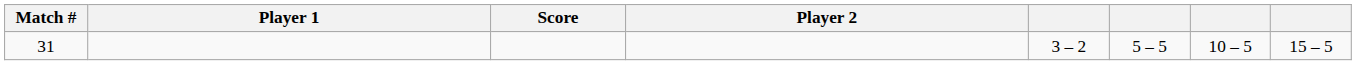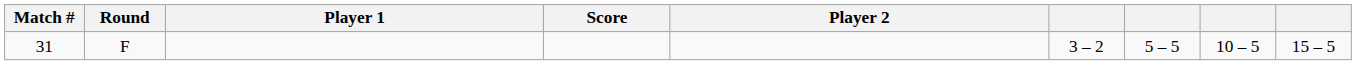 <table class="wikitable">
 <tr>
 <th width="2%">Match #</th>
+<th width="2%">Round</th>
 <th width="15%">Player 1</th>
 <th width="5%">Score</th>
 <th width="15%">Player 2</th>
 <th width="3%"></th>
 <th width="3%"></th>
 <th width="3%"></th>
 <th width="3%"></th>
 </tr>
 <tr style=text-align:center;"background:#;">
 <td>31</td>
+<td>F</td>
 <td><strong></strong></td>
 <td></td>
 <td></td>
 <td>3 – 2</td>
 <td>5 – 5</td>
 <td>10 – 5</td>
 <td>15 – 5</td>
 </tr>
 </table>
